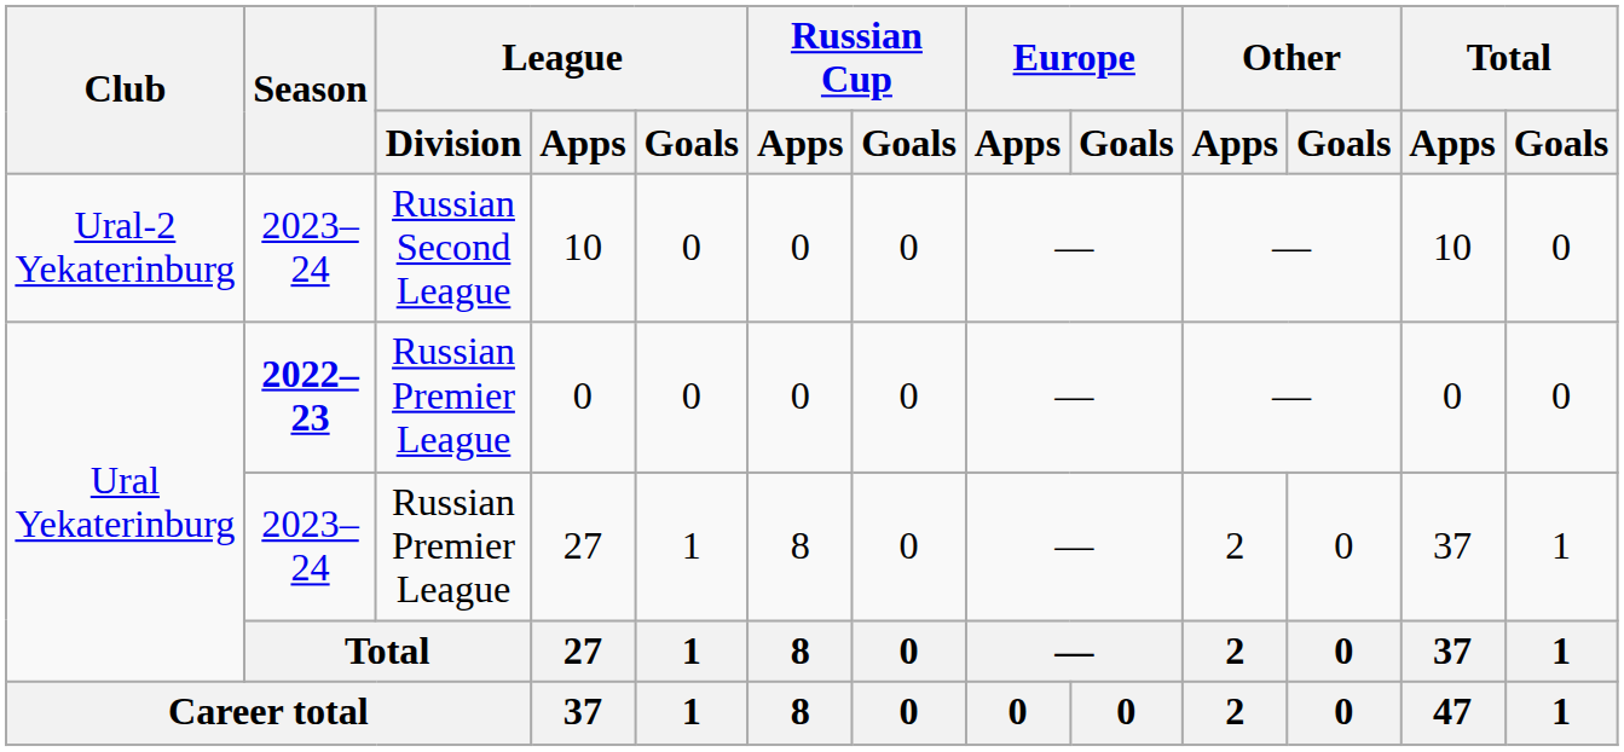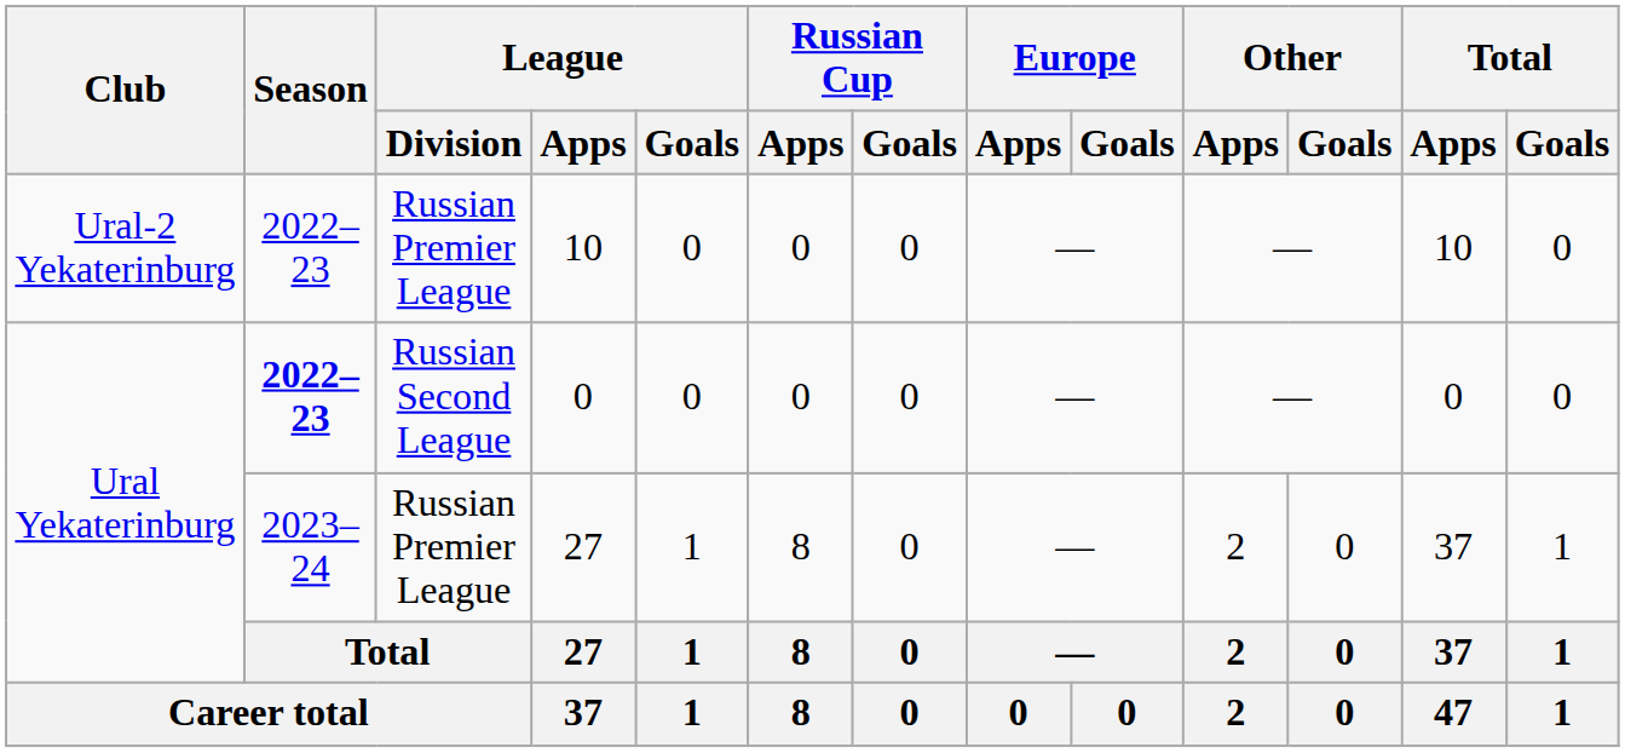 <table class="wikitable" style="text-align: center;">
 <tr>
 <th rowspan=2>Club</th>
 <th rowspan=2>Season</th>
 <th colspan=3>League</th>
 <th colspan=2><a href='#'>Russian Cup</a></th>
 <th colspan=2><a href='#'>Europe</a></th>
 <th colspan=2>Other</th>
 <th colspan=2>Total</th>
 </tr>
 <tr>
 <th>Division</th>
 <th>Apps</th>
 <th>Goals</th>
 <th>Apps</th>
 <th>Goals</th>
 <th>Apps</th>
 <th>Goals</th>
 <th>Apps</th>
 <th>Goals</th>
 <th>Apps</th>
 <th>Goals</th>
 </tr>
 <tr>
 <td><a href='#'>Ural-2 Yekaterinburg</a></td>
-<td><a href='#'>2023–24</a></td>
-<td><a href='#'>Russian Second League</a></td>
+<td><a href='#'>2022–23</a></td>
+<td><a href='#'>Russian Premier League</a></td>
 <td>10</td>
 <td>0</td>
 <td>0</td>
 <td>0</td>
 <td colspan=2>—</td>
 <td colspan=2>—</td>
 <td>10</td>
 <td>0</td>
 </tr>
 <tr>
 <td rowspan="3"><a href='#'>Ural Yekaterinburg</a></td>
 <td><strong><a href='#'>2022–23</a></strong></td>
-<td><a href='#'>Russian Premier League</a></td>
+<td><a href='#'>Russian Second League</a></td>
 <td>0</td>
 <td>0</td>
 <td>0</td>
 <td>0</td>
 <td colspan=2>—</td>
 <td colspan=2>—</td>
 <td>0</td>
 <td>0</td>
 </tr>
 <tr>
 <td><a href='#'>2023–24</a></td>
 <td>Russian Premier League</td>
 <td>27</td>
 <td>1</td>
 <td>8</td>
 <td>0</td>
 <td colspan=2>—</td>
 <td>2</td>
 <td>0</td>
 <td>37</td>
 <td>1</td>
 </tr>
 <tr>
 <th colspan=2>Total</th>
 <th>27</th>
 <th>1</th>
 <th>8</th>
 <th>0</th>
 <th colspan=2>—</th>
 <th>2</th>
 <th>0</th>
 <th>37</th>
 <th>1</th>
 </tr>
 <tr>
 <th colspan=3>Career total</th>
 <th>37</th>
 <th>1</th>
 <th>8</th>
 <th>0</th>
 <th>0</th>
 <th>0</th>
 <th>2</th>
 <th>0</th>
 <th>47</th>
 <th>1</th>
 </tr>
 </table>
